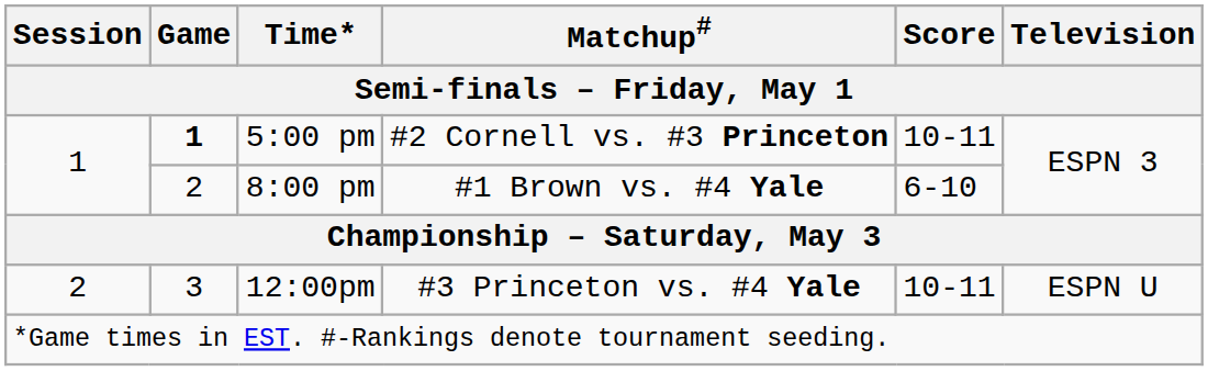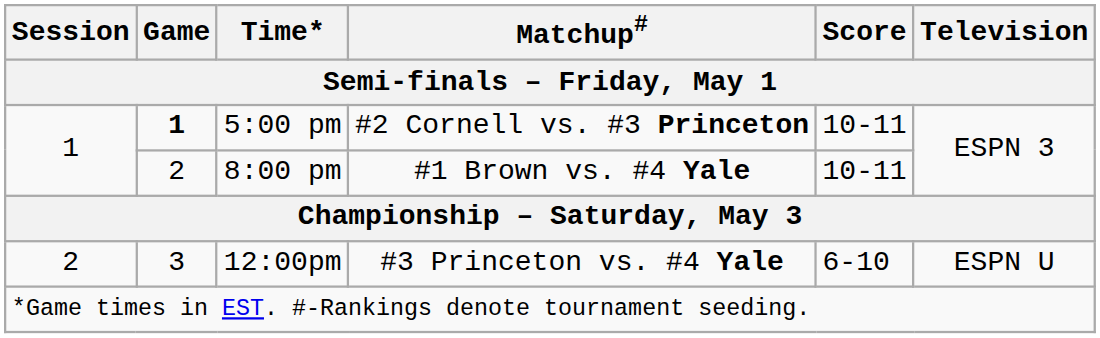 <table class="wikitable" style="font-size: 95%">
 <tr>
 <th>Session</th>
 <th>Game</th>
 <th>Time*</th>
 <th>Matchup<sup>#</sup></th>
 <th>Score</th>
 <th>Television</th>
 </tr>
 <tr>
 <th colspan=6>Semi-finals – Friday, May 1</th>
 </tr>
 <tr>
 <td rowspan=2 align=center>1</td>
 <td align=center><strong>1</strong></td>
 <td align=right>5:00 pm</td>
 <td align=center>#2 Cornell  vs. #3 <strong>Princeton</strong></td>
 <td>10-11</td>
 <td rowspan=2 align=center>ESPN 3</td>
 </tr>
 <tr>
 <td align=center>2</td>
 <td align=right>8:00 pm</td>
 <td align=center>#1 Brown vs. #4 <strong>Yale</strong></td>
-<td>6-10</td>
+<td>10-11</td>
 </tr>
 <tr>
 <th colspan=6>Championship – Saturday, May 3</th>
 </tr>
 <tr>
 <td rowspan=1 align=center>2</td>
 <td align=center>3</td>
 <td align=right>12:00pm</td>
 <td align=center>#3 Princeton vs. #4 <strong>Yale</strong></td>
-<td>10-11</td>
+<td>6-10</td>
 <td rowspan=1 align=center>ESPN U</td>
 </tr>
 <tr>
 <td colspan=6><small>*Game times in <a href='#'>EST</a>. #-Rankings denote tournament seeding.</small></td>
 </tr>
 </table>
